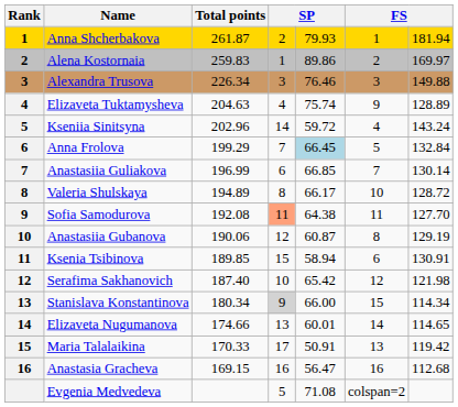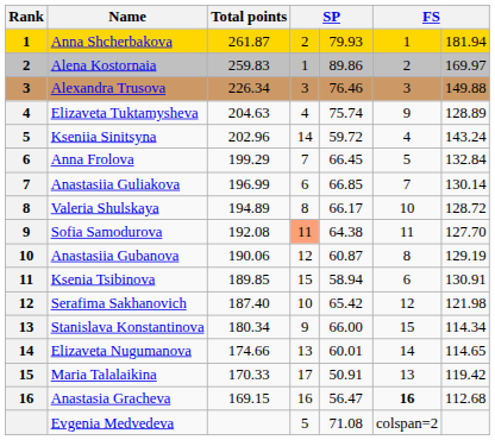 <table class="wikitable sortable">
 <tr>
 <th>Rank</th>
 <th>Name</th>
 <th>Total points</th>
 <th colspan="2" width="80px"><a href='#'>SP</a></th>
 <th colspan="2" width="80px"><a href='#'>FS</a></th>
 </tr>
 <tr bgcolor="gold">
 <td align="center"><strong>1</strong></td>
 <td><a href='#'>Anna Shcherbakova</a></td>
 <td align="center">261.87</td>
 <td align="center">2</td>
 <td align="center">79.93</td>
 <td align="center">1</td>
 <td align="center">181.94</td>
 </tr>
 <tr bgcolor="silver">
 <td align="center"><strong>2</strong></td>
 <td><a href='#'>Alena Kostornaia</a></td>
 <td align="center">259.83</td>
 <td align="center">1</td>
 <td align="center">89.86</td>
 <td align="center">2</td>
 <td align="center">169.97</td>
 </tr>
 <tr bgcolor="cc9966">
 <td align="center"><strong>3</strong></td>
 <td><a href='#'>Alexandra Trusova</a></td>
 <td align="center">226.34</td>
 <td align="center">3</td>
 <td align="center">76.46</td>
 <td align="center">3</td>
 <td align="center">149.88</td>
 </tr>
 <tr>
 <th>4</th>
 <td><a href='#'>Elizaveta Tuktamysheva</a></td>
 <td align="center">204.63</td>
 <td align="center">4</td>
 <td align="center">75.74</td>
 <td align="center">9</td>
 <td align="center">128.89</td>
 </tr>
 <tr>
 <th>5</th>
 <td><a href='#'>Kseniia Sinitsyna</a></td>
 <td align="center">202.96</td>
 <td align="center">14</td>
 <td align="center">59.72</td>
 <td align="center">4</td>
 <td align="center">143.24</td>
 </tr>
 <tr>
 <th>6</th>
 <td><a href='#'>Anna Frolova</a></td>
 <td align="center">199.29</td>
 <td align="center">7</td>
-<td align="center" style="background: lightblue;">66.45</td>
+<td align="center">66.45</td>
 <td align="center">5</td>
 <td align="center">132.84</td>
 </tr>
 <tr>
 <th>7</th>
 <td><a href='#'>Anastasiia Guliakova</a></td>
 <td align="center">196.99</td>
 <td align="center">6</td>
 <td align="center">66.85</td>
 <td align="center">7</td>
 <td align="center">130.14</td>
 </tr>
 <tr>
 <th>8</th>
 <td><a href='#'>Valeria Shulskaya</a></td>
 <td align="center">194.89</td>
 <td align="center">8</td>
 <td align="center">66.17</td>
 <td align="center">10</td>
 <td align="center">128.72</td>
 </tr>
 <tr>
 <th>9</th>
 <td><a href='#'>Sofia Samodurova</a></td>
 <td align="center">192.08</td>
 <td align="center" style="background: lightsalmon;">11</td>
 <td align="center">64.38</td>
 <td align="center">11</td>
 <td align="center">127.70</td>
 </tr>
 <tr>
 <th>10</th>
 <td><a href='#'>Anastasiia Gubanova</a></td>
 <td align="center">190.06</td>
 <td align="center">12</td>
 <td align="center">60.87</td>
 <td align="center">8</td>
 <td align="center">129.19</td>
 </tr>
 <tr>
 <th>11</th>
 <td><a href='#'>Ksenia Tsibinova</a></td>
 <td align="center">189.85</td>
 <td align="center">15</td>
 <td align="center">58.94</td>
 <td align="center">6</td>
 <td align="center">130.91</td>
 </tr>
 <tr>
 <th>12</th>
 <td><a href='#'>Serafima Sakhanovich</a></td>
 <td align="center">187.40</td>
 <td align="center">10</td>
 <td align="center">65.42</td>
 <td align="center">12</td>
 <td align="center">121.98</td>
 </tr>
 <tr>
 <th>13</th>
 <td><a href='#'>Stanislava Konstantinova</a></td>
 <td align="center">180.34</td>
-<td align="center" style="background: lightgrey;">9</td>
+<td align="center">9</td>
 <td align="center">66.00</td>
 <td align="center">15</td>
 <td align="center">114.34</td>
 </tr>
 <tr>
 <th>14</th>
 <td><a href='#'>Elizaveta Nugumanova</a></td>
 <td align="center">174.66</td>
 <td align="center">13</td>
 <td align="center">60.01</td>
 <td align="center">14</td>
 <td align="center">114.65</td>
 </tr>
 <tr>
 <th>15</th>
 <td><a href='#'>Maria Talalaikina</a></td>
 <td align="center">170.33</td>
 <td align="center">17</td>
 <td align="center">50.91</td>
 <td align="center">13</td>
 <td align="center">119.42</td>
 </tr>
 <tr>
 <th>16</th>
 <td><a href='#'>Anastasia Gracheva</a></td>
 <td align="center">169.15</td>
 <td align="center">16</td>
 <td align="center">56.47</td>
-<td align="center">16</td>
+<td align="center"><strong>16</strong></td>
 <td align="center">112.68</td>
 </tr>
 <tr>
 <th></th>
 <td><a href='#'>Evgenia Medvedeva</a></td>
 <td></td>
 <td align="center">5</td>
 <td align="center">71.08</td>
 <td>colspan=2 </td>
 </tr>
 </table>
